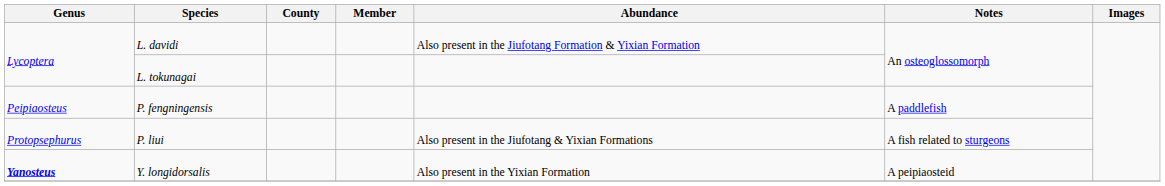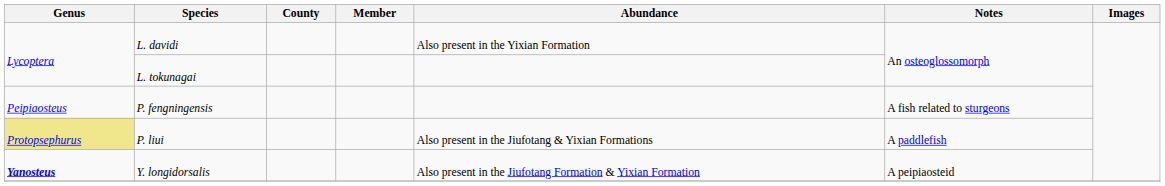 <table class="wikitable" align="center" width="100%">
 <tr>
 <th>Genus</th>
 <th>Species</th>
 <th>County</th>
 <th>Member</th>
 <th>Abundance</th>
 <th>Notes</th>
 <th>Images</th>
 </tr>
 <tr>
 <td rowspan="2"><br><em><a href='#'>Lycoptera</a></em></td>
 <td><br><em>L. davidi</em></td>
 <td></td>
 <td></td>
-<td><br>Also present in the <a href='#'>Jiufotang Formation</a> & <a href='#'>Yixian Formation</a></td>
+<td><br>Also present in the Yixian Formation</td>
 <td rowspan="2"><br>An <a href='#'>osteoglossomorph</a></td>
 <td rowspan="5"><br> </td>
 </tr>
 <tr>
 <td><br><em>L. tokunagai</em></td>
 <td></td>
 <td></td>
 </tr>
 <tr>
 <td><br><em><a href='#'>Peipiaosteus</a></em></td>
 <td><br><em>P. fengningensis</em></td>
 <td></td>
 <td></td>
 <td></td>
-<td><br>A <a href='#'>paddlefish</a></td>
+<td><br>A fish related to <a href='#'>sturgeons</a></td>
 </tr>
 <tr>
-<td><br><em><a href='#'>Protopsephurus</a></em></td>
+<td style="background: khaki;"><br><em><a href='#'>Protopsephurus</a></em></td>
 <td><br><em>P. liui</em></td>
 <td></td>
 <td></td>
 <td><br>Also present in the Jiufotang & Yixian Formations</td>
-<td><br>A fish related to <a href='#'>sturgeons</a></td>
+<td><br>A <a href='#'>paddlefish</a></td>
 </tr>
 <tr>
 <td><strong><br><em><a href='#'>Yanosteus</a></em></strong></td>
 <td><br><em>Y. longidorsalis</em></td>
 <td></td>
 <td></td>
-<td><br>Also present in the Yixian Formation</td>
+<td><br>Also present in the <a href='#'>Jiufotang Formation</a> & <a href='#'>Yixian Formation</a></td>
 <td><br>A peipiaosteid</td>
 </tr>
 <tr>
 </tr>
 </table>
